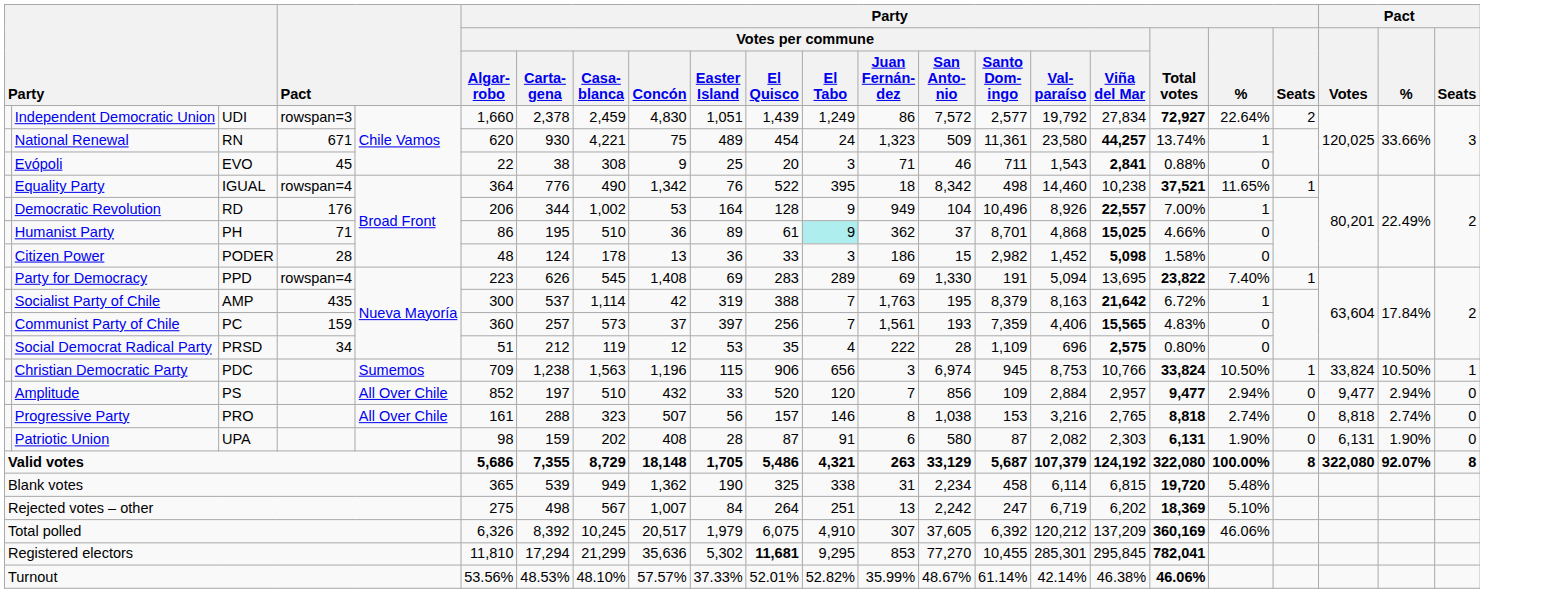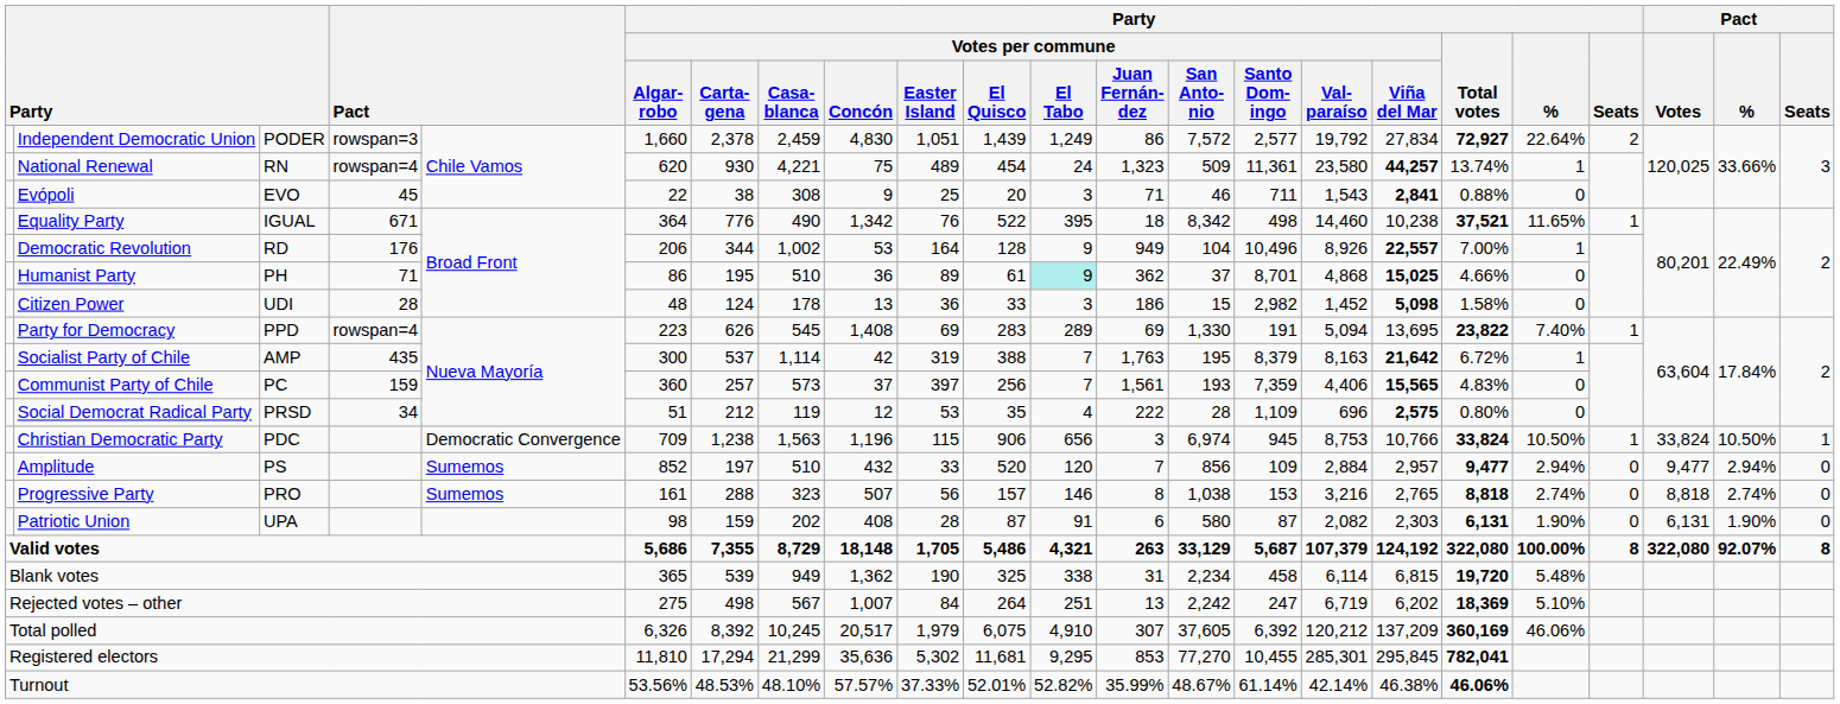 <table class="wikitable" border="1" style="font-size:90%; text-align:right; white-space: nowrap;">
 <tr>
 <th style="text-align:left;" valign=bottom rowspan=3 colspan=3>Party</th>
 <th style="text-align:left;" valign=bottom rowspan=3 colspan=2>Pact</th>
 <th colspan=15>Party</th>
 <th colspan=3>Pact</th>
 </tr>
 <tr>
 <th colspan=12>Votes per commune</th>
 <th align=center valign=bottom rowspan=2 width="40">Total<br>votes</th>
 <th align=center valign=bottom rowspan=2 width="40">%</th>
 <th align=center valign=bottom rowspan=2>Seats</th>
 <th align=center valign=bottom rowspan=2 width="40">Votes</th>
 <th align=center valign=bottom rowspan=2 width="40">%</th>
 <th align=center valign=bottom rowspan=2>Seats</th>
 </tr>
 <tr>
 <th align=center valign=bottom width="40"><a href='#'>Algar-<br>robo</a></th>
 <th align=center valign=bottom width="40"><a href='#'>Carta-<br>gena</a></th>
 <th align=center valign=bottom width="40"><a href='#'>Casa-<br>blanca</a></th>
 <th align=center valign=bottom width="40"><a href='#'>Concón</a></th>
 <th align=center valign=bottom width="40"><a href='#'>Easter<br>Island</a></th>
 <th align=center valign=bottom width="40"><a href='#'>El<br>Quisco</a></th>
 <th align=center valign=bottom width="40"><a href='#'>El<br>Tabo</a></th>
 <th align=center valign=bottom width="40"><a href='#'>Juan<br>Fernán-<br>dez</a></th>
 <th align=center valign=bottom width="40"><a href='#'>San<br>Anto-<br>nio</a></th>
 <th align=center valign=bottom width="40"><a href='#'>Santo<br>Dom-<br>ingo</a></th>
 <th align=center valign=bottom width="40"><a href='#'>Val-<br>paraíso</a></th>
 <th align=center valign=bottom width="40"><a href='#'>Viña<br>del Mar</a></th>
 </tr>
 <tr>
 <td></td>
 <td align=left><a href='#'>Independent Democratic Union</a></td>
-<td align=left>UDI</td>
+<td align=left>PODER</td>
 <td>rowspan=3 </td>
 <td rowspan=3 align=left><a href='#'>Chile Vamos</a></td>
 <td>1,660</td>
 <td>2,378</td>
 <td>2,459</td>
 <td>4,830</td>
 <td>1,051</td>
 <td>1,439</td>
 <td>1,249</td>
 <td>86</td>
 <td>7,572</td>
 <td>2,577</td>
 <td>19,792</td>
 <td>27,834</td>
 <td><strong>72,927</strong></td>
 <td>22.64%</td>
 <td>2</td>
 <td rowspan=3>120,025</td>
 <td rowspan=3>33.66%</td>
 <td rowspan=3>3</td>
 </tr>
 <tr>
 <td></td>
 <td align=left><a href='#'>National Renewal</a></td>
 <td align=left>RN</td>
-<td>671</td>
+<td>rowspan=4 </td>
 <td>620</td>
 <td>930</td>
 <td>4,221</td>
 <td>75</td>
 <td>489</td>
 <td>454</td>
 <td>24</td>
 <td>1,323</td>
 <td>509</td>
 <td>11,361</td>
 <td>23,580</td>
 <td><strong>44,257</strong></td>
 <td>13.74%</td>
 <td>1</td>
 </tr>
 <tr>
 <td></td>
 <td align=left><a href='#'>Evópoli</a></td>
 <td align=left>EVO</td>
 <td>45</td>
 <td>22</td>
 <td>38</td>
 <td>308</td>
 <td>9</td>
 <td>25</td>
 <td>20</td>
 <td>3</td>
 <td>71</td>
 <td>46</td>
 <td>711</td>
 <td>1,543</td>
 <td><strong>2,841</strong></td>
 <td>0.88%</td>
 <td>0</td>
 </tr>
 <tr>
 <td></td>
 <td align=left><a href='#'>Equality Party</a></td>
 <td align=left>IGUAL</td>
-<td>rowspan=4 </td>
+<td>671</td>
 <td rowspan=4 align=left><a href='#'>Broad Front</a></td>
 <td>364</td>
 <td>776</td>
 <td>490</td>
 <td>1,342</td>
 <td>76</td>
 <td>522</td>
 <td>395</td>
 <td>18</td>
 <td>8,342</td>
 <td>498</td>
 <td>14,460</td>
 <td>10,238</td>
 <td><strong>37,521</strong></td>
 <td>11.65%</td>
 <td>1</td>
 <td rowspan=4>80,201</td>
 <td rowspan=4>22.49%</td>
 <td rowspan=4>2</td>
 </tr>
 <tr>
 <td></td>
 <td align=left><a href='#'>Democratic Revolution</a></td>
 <td align=left>RD</td>
 <td>176</td>
 <td>206</td>
 <td>344</td>
 <td>1,002</td>
 <td>53</td>
 <td>164</td>
 <td>128</td>
 <td>9</td>
 <td>949</td>
 <td>104</td>
 <td>10,496</td>
 <td>8,926</td>
 <td><strong>22,557</strong></td>
 <td>7.00%</td>
 <td>1</td>
 </tr>
 <tr>
 <td></td>
 <td align=left><a href='#'>Humanist Party</a></td>
 <td align=left>PH</td>
 <td>71</td>
 <td>86</td>
 <td>195</td>
 <td>510</td>
 <td>36</td>
 <td>89</td>
 <td>61</td>
 <td style="background: paleturquoise;">9</td>
 <td>362</td>
 <td>37</td>
 <td>8,701</td>
 <td>4,868</td>
 <td><strong>15,025</strong></td>
 <td>4.66%</td>
 <td>0</td>
 </tr>
 <tr>
 <td></td>
 <td align=left><a href='#'>Citizen Power</a></td>
-<td align=left>PODER</td>
+<td align=left>UDI</td>
 <td>28</td>
 <td>48</td>
 <td>124</td>
 <td>178</td>
 <td>13</td>
 <td>36</td>
 <td>33</td>
 <td>3</td>
 <td>186</td>
 <td>15</td>
 <td>2,982</td>
 <td>1,452</td>
 <td><strong>5,098</strong></td>
 <td>1.58%</td>
 <td>0</td>
 </tr>
 <tr>
 <td></td>
 <td align=left><a href='#'>Party for Democracy</a></td>
 <td align=left>PPD</td>
 <td>rowspan=4 </td>
 <td rowspan=4 align=left><a href='#'>Nueva Mayoría</a></td>
 <td>223</td>
 <td>626</td>
 <td>545</td>
 <td>1,408</td>
 <td>69</td>
 <td>283</td>
 <td>289</td>
 <td>69</td>
 <td>1,330</td>
 <td>191</td>
 <td>5,094</td>
 <td>13,695</td>
 <td><strong>23,822</strong></td>
 <td>7.40%</td>
 <td>1</td>
 <td rowspan=4>63,604</td>
 <td rowspan=4>17.84%</td>
 <td rowspan=4>2</td>
 </tr>
 <tr>
 <td></td>
 <td align=left><a href='#'>Socialist Party of Chile</a></td>
 <td align=left>AMP</td>
 <td>435</td>
 <td>300</td>
 <td>537</td>
 <td>1,114</td>
 <td>42</td>
 <td>319</td>
 <td>388</td>
 <td>7</td>
 <td>1,763</td>
 <td>195</td>
 <td>8,379</td>
 <td>8,163</td>
 <td><strong>21,642</strong></td>
 <td>6.72%</td>
 <td>1</td>
 </tr>
 <tr>
 <td></td>
 <td align=left><a href='#'>Communist Party of Chile</a></td>
 <td align=left>PC</td>
 <td>159</td>
 <td>360</td>
 <td>257</td>
 <td>573</td>
 <td>37</td>
 <td>397</td>
 <td>256</td>
 <td>7</td>
 <td>1,561</td>
 <td>193</td>
 <td>7,359</td>
 <td>4,406</td>
 <td><strong>15,565</strong></td>
 <td>4.83%</td>
 <td>0</td>
 </tr>
 <tr>
 <td></td>
 <td align=left><a href='#'>Social Democrat Radical Party</a></td>
 <td align=left>PRSD</td>
 <td>34</td>
 <td>51</td>
 <td>212</td>
 <td>119</td>
 <td>12</td>
 <td>53</td>
 <td>35</td>
 <td>4</td>
 <td>222</td>
 <td>28</td>
 <td>1,109</td>
 <td>696</td>
 <td><strong>2,575</strong></td>
 <td>0.80%</td>
 <td>0</td>
 </tr>
 <tr>
 <td></td>
 <td align=left><a href='#'>Christian Democratic Party</a></td>
 <td align=left>PDC</td>
 <td></td>
-<td align=left><a href='#'>Sumemos</a></td>
+<td align=left>Democratic Convergence</td>
 <td>709</td>
 <td>1,238</td>
 <td>1,563</td>
 <td>1,196</td>
 <td>115</td>
 <td>906</td>
 <td>656</td>
 <td>3</td>
 <td>6,974</td>
 <td>945</td>
 <td>8,753</td>
 <td>10,766</td>
 <td><strong>33,824</strong></td>
 <td>10.50%</td>
 <td>1</td>
 <td>33,824</td>
 <td>10.50%</td>
 <td>1</td>
 </tr>
 <tr>
 <td></td>
 <td align=left><a href='#'>Amplitude</a></td>
 <td align=left>PS</td>
 <td></td>
-<td align=left><a href='#'>All Over Chile</a></td>
+<td align=left><a href='#'>Sumemos</a></td>
 <td>852</td>
 <td>197</td>
 <td>510</td>
 <td>432</td>
 <td>33</td>
 <td>520</td>
 <td>120</td>
 <td>7</td>
 <td>856</td>
 <td>109</td>
 <td>2,884</td>
 <td>2,957</td>
 <td><strong>9,477</strong></td>
 <td>2.94%</td>
 <td>0</td>
 <td>9,477</td>
 <td>2.94%</td>
 <td>0</td>
 </tr>
 <tr>
 <td></td>
 <td align=left><a href='#'>Progressive Party</a></td>
 <td align=left>PRO</td>
 <td></td>
-<td align=left><a href='#'>All Over Chile</a></td>
+<td align=left><a href='#'>Sumemos</a></td>
 <td>161</td>
 <td>288</td>
 <td>323</td>
 <td>507</td>
 <td>56</td>
 <td>157</td>
 <td>146</td>
 <td>8</td>
 <td>1,038</td>
 <td>153</td>
 <td>3,216</td>
 <td>2,765</td>
 <td><strong>8,818</strong></td>
 <td>2.74%</td>
 <td>0</td>
 <td>8,818</td>
 <td>2.74%</td>
 <td>0</td>
 </tr>
 <tr>
 <td></td>
 <td align=left><a href='#'>Patriotic Union</a></td>
 <td align=left>UPA</td>
 <td></td>
 <td></td>
 <td>98</td>
 <td>159</td>
 <td>202</td>
 <td>408</td>
 <td>28</td>
 <td>87</td>
 <td>91</td>
 <td>6</td>
 <td>580</td>
 <td>87</td>
 <td>2,082</td>
 <td>2,303</td>
 <td><strong>6,131</strong></td>
 <td>1.90%</td>
 <td>0</td>
 <td>6,131</td>
 <td>1.90%</td>
 <td>0</td>
 </tr>
 <tr style="font-weight:bold">
 <td align=left colspan=5>Valid votes</td>
 <td>5,686</td>
 <td>7,355</td>
 <td>8,729</td>
 <td>18,148</td>
 <td>1,705</td>
 <td>5,486</td>
 <td>4,321</td>
 <td>263</td>
 <td>33,129</td>
 <td>5,687</td>
 <td>107,379</td>
 <td>124,192</td>
 <td>322,080</td>
 <td>100.00%</td>
 <td>8</td>
 <td>322,080</td>
 <td>92.07%</td>
 <td>8</td>
 </tr>
 <tr>
 <td align=left colspan=5>Blank votes</td>
 <td>365</td>
 <td>539</td>
 <td>949</td>
 <td>1,362</td>
 <td>190</td>
 <td>325</td>
 <td>338</td>
 <td>31</td>
 <td>2,234</td>
 <td>458</td>
 <td>6,114</td>
 <td>6,815</td>
 <td><strong>19,720</strong></td>
 <td>5.48%</td>
 <td></td>
 <td></td>
 <td></td>
 <td></td>
 </tr>
 <tr>
 <td align=left colspan=5>Rejected votes – other</td>
 <td>275</td>
 <td>498</td>
 <td>567</td>
 <td>1,007</td>
 <td>84</td>
 <td>264</td>
 <td>251</td>
 <td>13</td>
 <td>2,242</td>
 <td>247</td>
 <td>6,719</td>
 <td>6,202</td>
 <td><strong>18,369</strong></td>
 <td>5.10%</td>
 <td></td>
 <td></td>
 <td></td>
 <td></td>
 </tr>
 <tr>
 <td align=left colspan=5>Total polled</td>
 <td>6,326</td>
 <td>8,392</td>
 <td>10,245</td>
 <td>20,517</td>
 <td>1,979</td>
 <td>6,075</td>
 <td>4,910</td>
 <td>307</td>
 <td>37,605</td>
 <td>6,392</td>
 <td>120,212</td>
 <td>137,209</td>
 <td><strong>360,169</strong></td>
 <td>46.06%</td>
 <td></td>
 <td></td>
 <td></td>
 <td></td>
 </tr>
 <tr>
 <td align=left colspan=5>Registered electors</td>
 <td>11,810</td>
 <td>17,294</td>
 <td>21,299</td>
 <td>35,636</td>
 <td>5,302</td>
-<td><strong>11,681</strong></td>
+<td>11,681</td>
 <td>9,295</td>
 <td>853</td>
 <td>77,270</td>
 <td>10,455</td>
 <td>285,301</td>
 <td>295,845</td>
 <td><strong>782,041</strong></td>
 <td></td>
 <td></td>
 <td></td>
 <td></td>
 <td></td>
 </tr>
 <tr>
 <td align=left colspan=5>Turnout</td>
 <td>53.56%</td>
 <td>48.53%</td>
 <td>48.10%</td>
 <td>57.57%</td>
 <td>37.33%</td>
 <td>52.01%</td>
 <td>52.82%</td>
 <td>35.99%</td>
 <td>48.67%</td>
 <td>61.14%</td>
 <td>42.14%</td>
 <td>46.38%</td>
 <td><strong>46.06%</strong></td>
 <td></td>
 <td></td>
 <td></td>
 <td></td>
 <td></td>
 </tr>
 </table>
